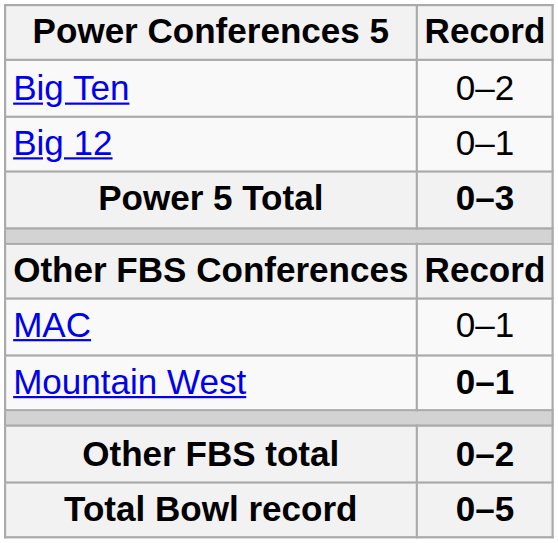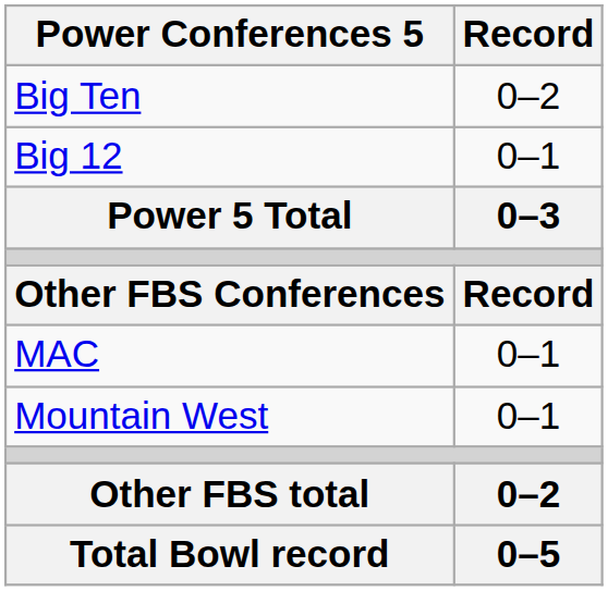 <table class="wikitable">
 <tr>
 <th>Power Conferences 5</th>
 <th>Record</th>
 </tr>
 <tr>
 <td><a href='#'>Big Ten</a></td>
 <td align=center>0–2</td>
 </tr>
 <tr>
 <td><a href='#'>Big 12</a></td>
 <td align=center>0–1</td>
 </tr>
 <tr>
 <th>Power 5 Total</th>
 <th>0–3</th>
 </tr>
 <tr>
 <th colspan="2" style="background:lightgrey;"></th>
 </tr>
 <tr>
 <th>Other FBS Conferences</th>
 <th>Record</th>
 </tr>
 <tr>
 <td><a href='#'>MAC</a></td>
 <td align=center>0–1</td>
 </tr>
 <tr>
 <td><a href='#'>Mountain West</a></td>
-<td align=center><strong>0–1</strong></td>
+<td align=center>0–1</td>
 </tr>
 <tr>
 <th colspan="2" style="background:lightgrey;"></th>
 </tr>
 <tr>
 <th>Other FBS total</th>
 <th>0–2</th>
 </tr>
 <tr>
 <th>Total Bowl record</th>
 <th>0–5</th>
 </tr>
 </table>
